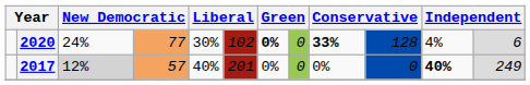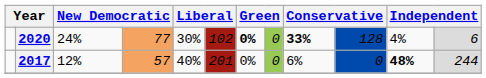 <table class="wikitable" style="float:right; width:400; font-size:90%; margin-left:1em;">
 <tr>
 <th colspan="2" scope="col">Year</th>
 <th colspan="2" scope="col"><a href='#'>New Democratic</a></th>
 <th colspan="2" scope="col"><a href='#'>Liberal</a></th>
 <th colspan="2" scope="col"><a href='#'>Green</a></th>
 <th colspan="2" scope="col"><a href='#'>Conservative</a></th>
 <th colspan="2" scope="col"><a href='#'>Independent</a></th>
 </tr>
 <tr>
 <td style="width: 0.25em; background-color: "></td>
 <th><a href='#'>2020</a></th>
 <td>24%</td>
 <td style="text-align:right; background:#F4A460;"><em>77</em></td>
 <td><span> 30%</span></td>
 <td style="text-align:right; background:#A51B12;"><span> <em>102</em></span></td>
 <td><strong>0%</strong></td>
 <td style="text-align:right; background:#99C955;"><em>0</em></td>
 <td><span><strong>33%</strong></span></td>
 <td style="text-align:right; background:#004AAD;"><span><em>128</em></span></td>
 <td>4%</td>
 <td style="text-align:right; background:#DCDCDC;"><em>6</em></td>
 </tr>
 <tr>
 <td style="width: 0.25em; background-color: "></td>
 <th><a href='#'>2017</a></th>
-<td style="background: lightgrey;">12%</td>
+<td>12%</td>
 <td style="text-align:right; background:#F4A460;"><em>57</em></td>
 <td><span> 40%</span></td>
 <td style="text-align:right; background:#A51B12;"><span> <em>201</em></span></td>
 <td>0%</td>
 <td style="text-align:right; background:#99C955;"><em>0</em></td>
-<td><span>0%</span></td>
+<td><span>6%</span></td>
 <td style="text-align:right; background:#004AAD;"><span><em>0</em></span></td>
-<td><strong>40%</strong></td>
-<td style="text-align:right; background:#DCDCDC;"><em>249</em></td>
+<td><strong>48%</strong></td>
+<td style="text-align:right; background:#DCDCDC;"><em>244</em></td>
 </tr>
 <tr>
 </tr>
 </table>
